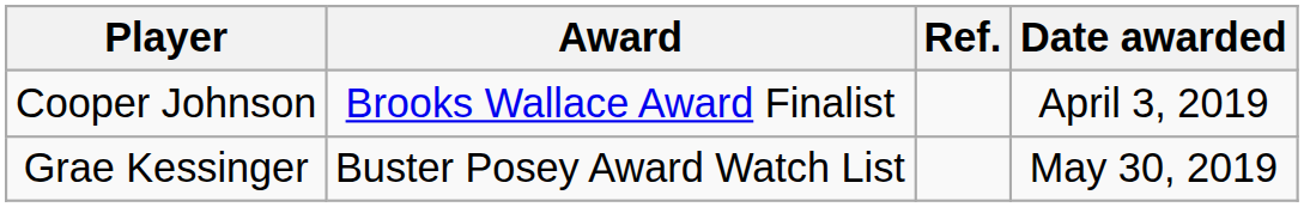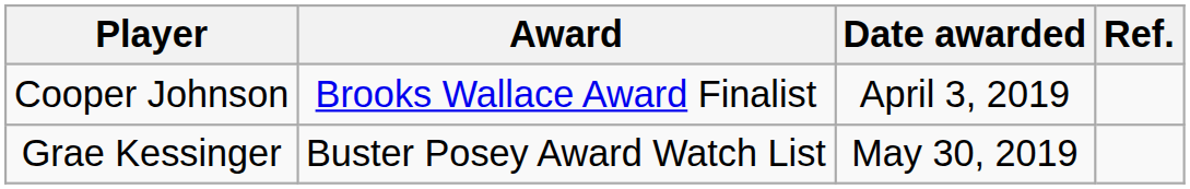 <table class="wikitable sortable sortable" style="text-align: center">
 <tr align=center>
 <th>Player</th>
 <th>Award</th>
+<th>Date awarded</th>
 <th>Ref.</th>
-<th>Date awarded</th>
 </tr>
 <tr>
 <td>Cooper Johnson</td>
 <td rowspan="1"><a href='#'>Brooks Wallace Award</a> Finalist</td>
+<td rowspan="1">April 3, 2019</td>
 <td rowspan="1"></td>
-<td rowspan="1">April 3, 2019</td>
 </tr>
 <tr>
 <td>Grae Kessinger</td>
 <td rowspan="1">Buster Posey Award Watch List</td>
+<td rowspan="1">May 30, 2019</td>
 <td rowspan="1"></td>
-<td rowspan="1">May 30, 2019</td>
 </tr>
 </table>
